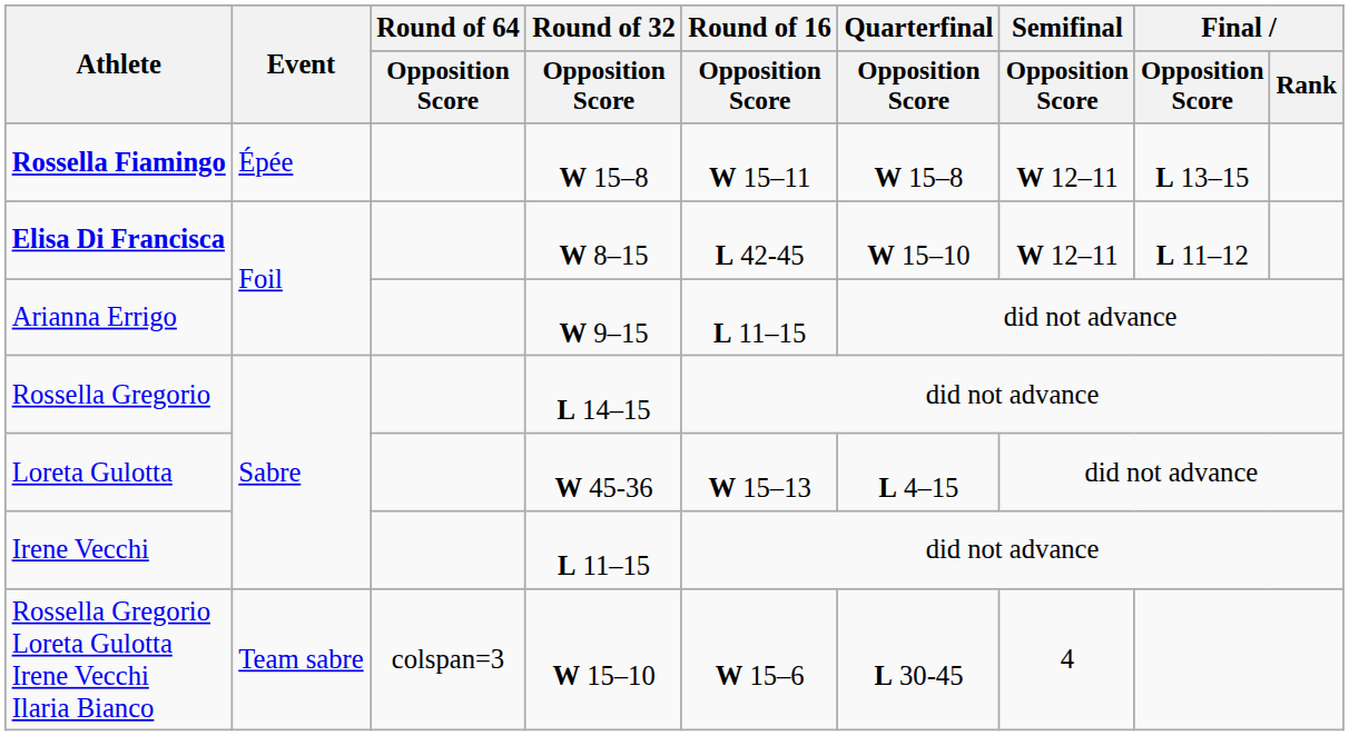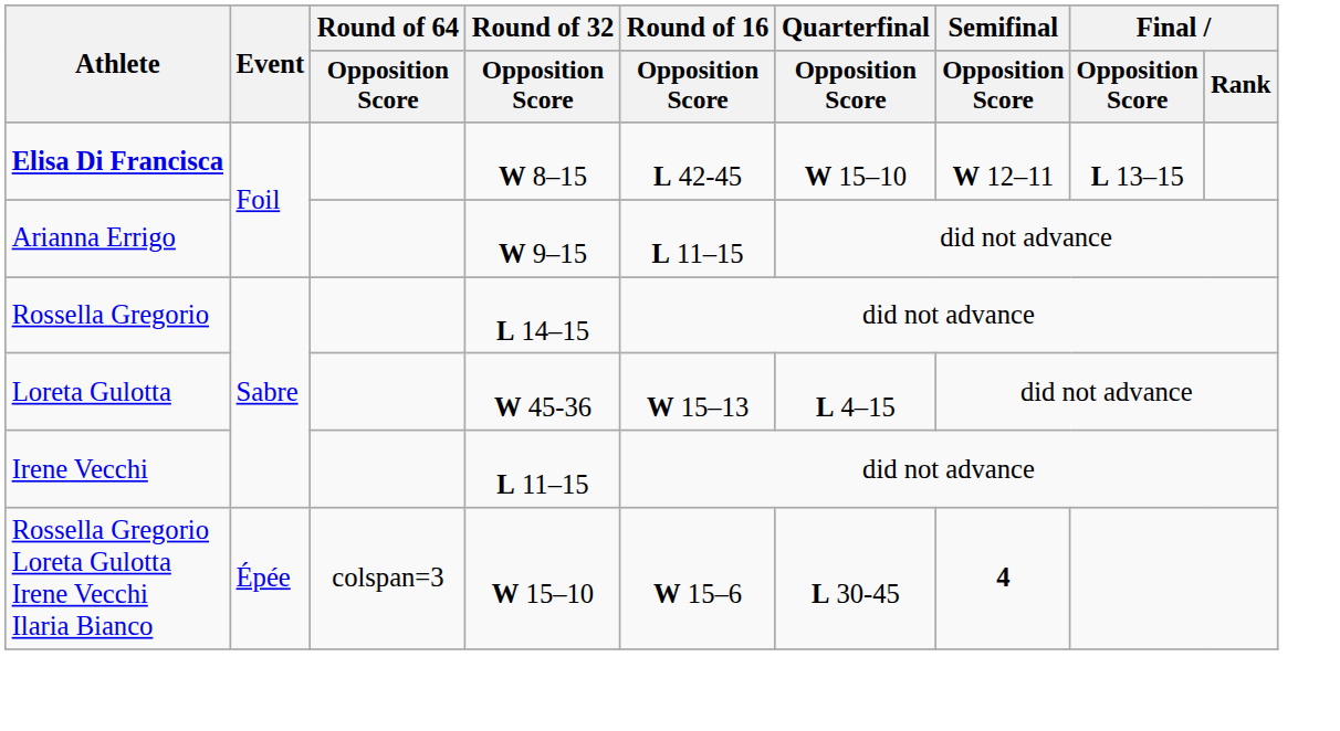 <table class="wikitable" style="font-size:90%">
 <tr>
 <th rowspan="2">Athlete</th>
 <th rowspan="2">Event</th>
 <th>Round of 64</th>
 <th>Round of 32</th>
 <th>Round of 16</th>
 <th>Quarterfinal</th>
 <th>Semifinal</th>
 <th colspan=2>Final / </th>
 </tr>
 <tr style="font-size:95%">
 <th>Opposition <br> Score</th>
 <th>Opposition <br> Score</th>
 <th>Opposition <br> Score</th>
 <th>Opposition <br> Score</th>
 <th>Opposition <br> Score</th>
 <th>Opposition <br> Score</th>
 <th>Rank</th>
 </tr>
 <tr align=center>
-<td align=left><strong><a href='#'>Rossella Fiamingo</a></strong></td>
-<td align=left><a href='#'>Épée</a></td>
-<td></td>
-<td><br><strong>W</strong> 15–8</td>
-<td><br><strong>W</strong> 15–11</td>
-<td><br><strong>W</strong> 15–8</td>
-<td><br><strong>W</strong> 12–11</td>
-<td><br><strong>L</strong> 13–15</td>
-<td></td>
-</tr>
-<tr align=center>
 <td align=left><strong><a href='#'>Elisa Di Francisca</a></strong></td>
 <td align=left rowspan=2><a href='#'>Foil</a></td>
 <td></td>
 <td><br><strong>W</strong> 8–15</td>
 <td><br><strong>L</strong> 42-45</td>
 <td><br><strong>W</strong> 15–10</td>
 <td><br><strong>W</strong> 12–11</td>
-<td><br><strong>L</strong> 11–12</td>
+<td><br><strong>L</strong> 13–15</td>
 <td></td>
 </tr>
 <tr align=center>
 <td align=left><a href='#'>Arianna Errigo</a></td>
 <td></td>
 <td><br><strong>W</strong> 9–15</td>
 <td><br><strong>L</strong> 11–15</td>
 <td colspan=4>did not advance</td>
 </tr>
 <tr align=center>
 <td align=left><a href='#'>Rossella Gregorio</a></td>
 <td align=left rowspan=3><a href='#'>Sabre</a></td>
 <td></td>
 <td><br><strong>L</strong> 14–15</td>
 <td colspan=5>did not advance</td>
 </tr>
 <tr align=center>
 <td align=left><a href='#'>Loreta Gulotta</a></td>
 <td></td>
 <td><br><strong>W</strong> 45-36</td>
 <td><br><strong>W</strong> 15–13</td>
 <td><br><strong>L</strong> 4–15</td>
 <td colspan=3>did not advance</td>
 </tr>
 <tr align=center>
 <td align=left><a href='#'>Irene Vecchi</a></td>
 <td></td>
 <td><br><strong>L</strong> 11–15</td>
 <td colspan=5>did not advance</td>
 </tr>
 <tr align=center>
 <td align=left><a href='#'>Rossella Gregorio</a><br><a href='#'>Loreta Gulotta</a><br><a href='#'>Irene Vecchi</a><br><a href='#'>Ilaria Bianco</a></td>
-<td align=left><a href='#'>Team sabre</a></td>
+<td align=left><a href='#'>Épée</a></td>
 <td>colspan=3 </td>
 <td><br><strong>W</strong> 15–10</td>
 <td><br><strong>W</strong> 15–6</td>
 <td><br><strong>L</strong> 30-45</td>
-<td>4</td>
+<td><strong>4</strong></td>
 </tr>
 </table>
